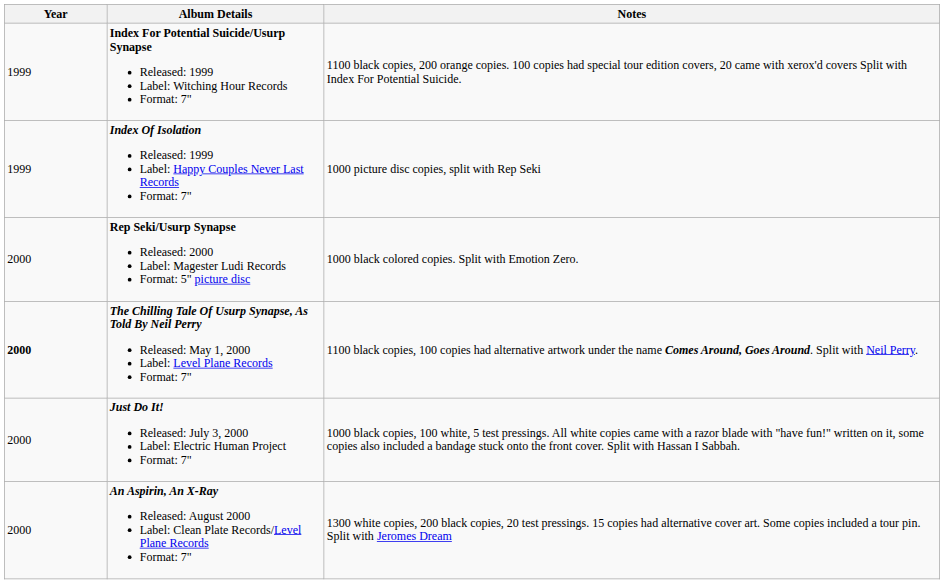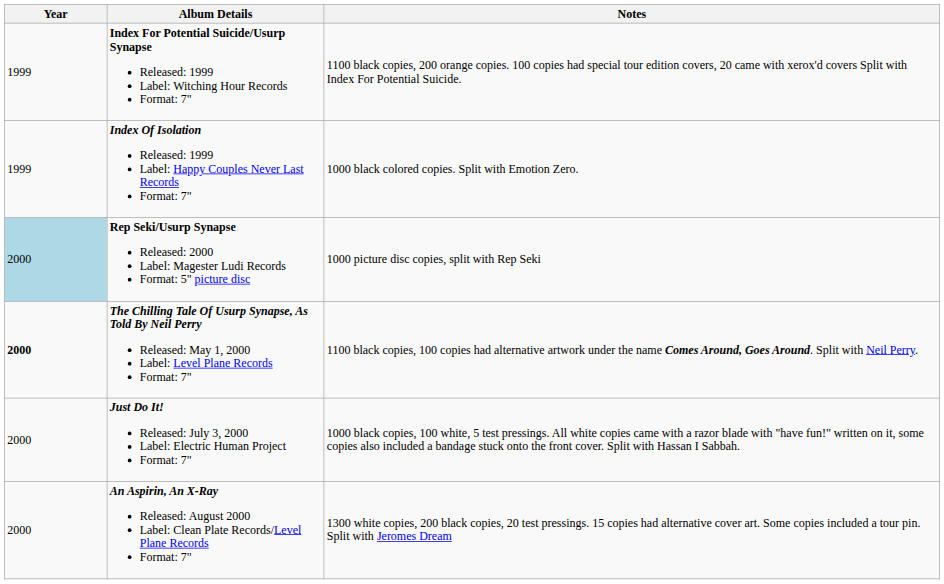 <table class ="wikitable">
 <tr>
 <th style="width: 5%">Year</th>
 <th style="width:10%">Album Details</th>
 <th style="width:30%">Notes</th>
 </tr>
 <tr>
 <td>1999</td>
 <td><strong>Index For Potential Suicide/Usurp Synapse</strong><br><ul><li>Released: 1999</li><li>Label: Witching Hour Records</li><li>Format: 7"</li></ul></td>
 <td>1100 black copies, 200 orange copies. 100 copies had special tour edition covers, 20 came with xerox'd covers Split with Index For Potential Suicide.</td>
 </tr>
 <tr>
 <td>1999</td>
 <td><strong><em>Index Of Isolation</em></strong><br><ul><li>Released: 1999</li><li>Label: <a href='#'>Happy Couples Never Last Records</a></li><li>Format: 7"</li></ul></td>
-<td>1000 picture disc copies, split with Rep Seki</td>
+<td>1000 black colored copies. Split with Emotion Zero.</td>
 </tr>
 <tr>
-<td>2000</td>
+<td style="background: lightblue;">2000</td>
 <td><strong>Rep Seki/Usurp Synapse</strong><br><ul><li>Released: 2000</li><li>Label: Magester Ludi Records</li><li>Format: 5" <a href='#'>picture disc</a></li></ul></td>
-<td>1000 black colored copies. Split with Emotion Zero.</td>
+<td>1000 picture disc copies, split with Rep Seki</td>
 </tr>
 <tr>
 <td><strong>2000</strong></td>
 <td><strong><em>The Chilling Tale Of Usurp Synapse, As Told By Neil Perry</em></strong><br><ul><li>Released: May 1, 2000</li><li>Label: <a href='#'>Level Plane Records</a></li><li>Format: 7"</li></ul></td>
 <td>1100 black copies, 100 copies had alternative artwork under the name <strong><em>Comes Around, Goes Around</em></strong>. Split with <a href='#'>Neil Perry</a>.</td>
 </tr>
 <tr>
 <td>2000</td>
 <td><strong><em>Just Do It!</em></strong><br><ul><li>Released: July 3, 2000</li><li>Label: Electric Human Project</li><li>Format: 7"</li></ul></td>
 <td>1000 black copies, 100 white, 5 test pressings. All white copies came with a razor blade with "have fun!" written on it, some copies also included a bandage stuck onto the front cover. Split with Hassan I Sabbah.</td>
 </tr>
 <tr>
 <td>2000</td>
 <td><strong><em>An Aspirin, An X-Ray</em></strong><br><ul><li>Released: August 2000</li><li>Label: Clean Plate Records/<a href='#'>Level Plane Records</a></li><li>Format: 7"</li></ul></td>
 <td>1300 white copies, 200 black copies, 20 test pressings. 15 copies had alternative cover art. Some copies included a tour pin. Split with <a href='#'>Jeromes Dream</a></td>
 </tr>
 </table>
